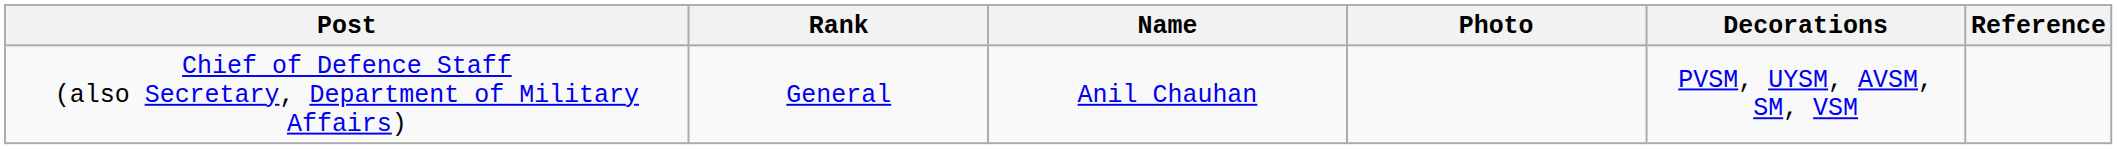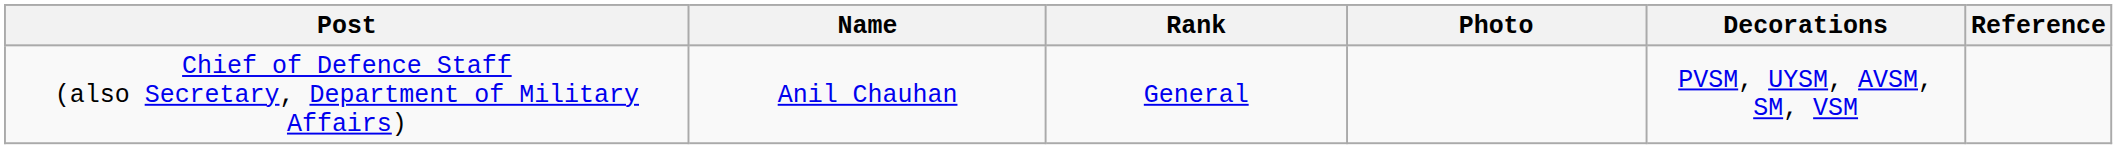 <table class="wikitable" style="text-align:center">
 <tr style="background:#cccccc">
 <th scope="col" style="width: 350px;">Post</th>
+<th scope="col" style="width: 180px;">Name</th>
 <th scope="col" style="width: 150px;">Rank</th>
-<th scope="col" style="width: 180px;">Name</th>
 <th scope="col" style="width: 150px;">Photo</th>
 <th scope="col" style="width: 160px;">Decorations</th>
 <th scope="col" style="width: 5px;">Reference</th>
 </tr>
 <tr>
 <td><a href='#'>Chief of Defence Staff</a> <br> (also <a href='#'>Secretary</a>, <a href='#'>Department of Military Affairs</a>)</td>
+<td><a href='#'>Anil Chauhan</a></td>
 <td><a href='#'>General</a></td>
-<td><a href='#'>Anil Chauhan</a></td>
 <td></td>
 <td><a href='#'>PVSM</a>, <a href='#'>UYSM</a>, <a href='#'>AVSM</a>, <a href='#'>SM</a>, <a href='#'>VSM</a></td>
 <td></td>
 </tr>
 </table>
